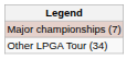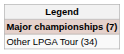 <table class="wikitable" style="font-size:95%;">
 <tr>
 <th>Legend</th>
 </tr>
 <tr style="background:#e5d1cb;">
-<td>Major championships (7)</td>
+<td><strong>Major championships (7)</strong></td>
 </tr>
 <tr>
 <td>Other LPGA Tour (34)</td>
 </tr>
 </table>
